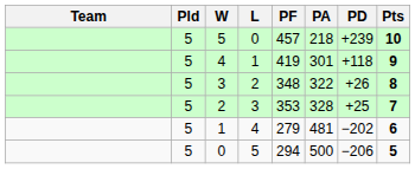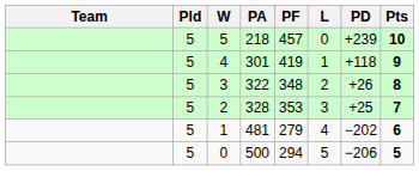 <table class=wikitable style="text-align:center">
 <tr>
 <th width=180>Team</th>
 <th width=30>Pld</th>
 <th width=30>W</th>
+<th width=30>PA</th>
+<th width=30>PF</th>
 <th width=30>L</th>
-<th width=30>PF</th>
-<th width=30>PA</th>
 <th width=30>PD</th>
 <th width=30>Pts</th>
 </tr>
 <tr align=center bgcolor="#ccffcc">
 <td align=left></td>
 <td>5</td>
 <td>5</td>
+<td>218</td>
+<td>457</td>
 <td>0</td>
-<td>457</td>
-<td>218</td>
 <td>+239</td>
 <td><strong>10</strong></td>
 </tr>
 <tr align=center bgcolor="#ccffcc">
 <td align=left></td>
 <td>5</td>
 <td>4</td>
+<td>301</td>
+<td>419</td>
 <td>1</td>
-<td>419</td>
-<td>301</td>
 <td>+118</td>
 <td><strong>9</strong></td>
 </tr>
 <tr align=center bgcolor="#ccffcc">
 <td align=left></td>
 <td>5</td>
 <td>3</td>
+<td>322</td>
+<td>348</td>
 <td>2</td>
-<td>348</td>
-<td>322</td>
 <td>+26</td>
 <td><strong>8</strong></td>
 </tr>
 <tr align=center bgcolor="#ccffcc">
 <td align=left></td>
 <td>5</td>
 <td>2</td>
+<td>328</td>
+<td>353</td>
 <td>3</td>
-<td>353</td>
-<td>328</td>
 <td>+25</td>
 <td><strong>7</strong></td>
 </tr>
 <tr>
 <td align=left></td>
 <td>5</td>
 <td>1</td>
+<td>481</td>
+<td>279</td>
 <td>4</td>
-<td>279</td>
-<td>481</td>
 <td>−202</td>
 <td><strong>6</strong></td>
 </tr>
 <tr>
 <td align=left></td>
 <td>5</td>
 <td>0</td>
+<td>500</td>
+<td>294</td>
 <td>5</td>
-<td>294</td>
-<td>500</td>
 <td>−206</td>
 <td><strong>5</strong></td>
 </tr>
 </table>
